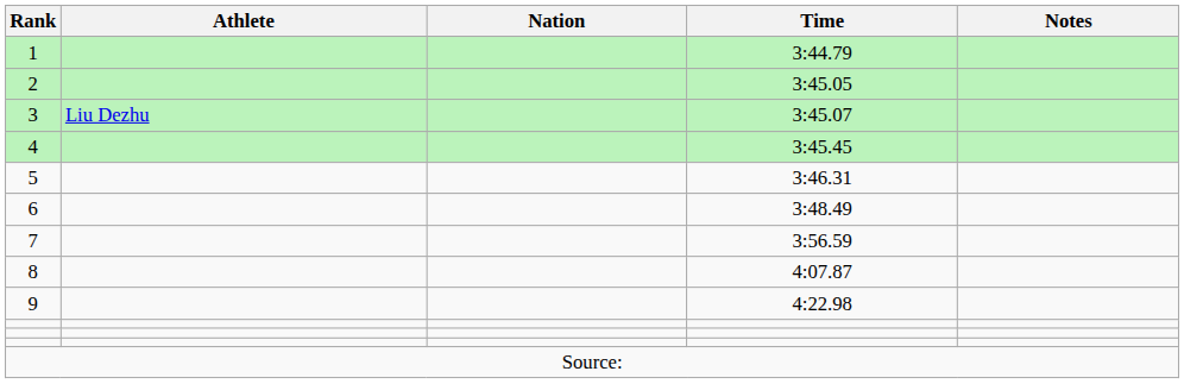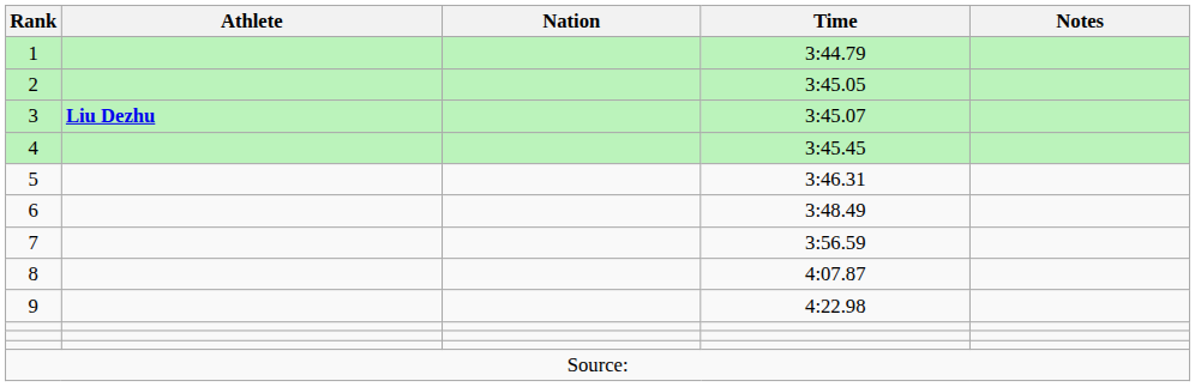 <table class="wikitable sortable" style="text-align:center;width: 60%;">
 <tr>
 <th scope="col" style="width: 10px;">Rank</th>
 <th scope="col">Athlete</th>
 <th scope="col">Nation</th>
 <th scope="col">Time</th>
 <th scope="col">Notes</th>
 </tr>
 <tr bgcolor=bbf3bb>
 <td>1</td>
 <td align=left></td>
 <td align=left></td>
 <td>3:44.79</td>
 <td></td>
 </tr>
 <tr bgcolor=bbf3bb>
 <td>2</td>
 <td align=left></td>
 <td align=left></td>
 <td>3:45.05</td>
 <td></td>
 </tr>
 <tr bgcolor=bbf3bb>
 <td>3</td>
-<td align=left><a href='#'>Liu Dezhu</a></td>
+<td align=left><strong><a href='#'>Liu Dezhu</a></strong></td>
 <td align=left></td>
 <td>3:45.07</td>
 <td></td>
 </tr>
 <tr bgcolor=bbf3bb>
 <td>4</td>
 <td align=left></td>
 <td align=left></td>
 <td>3:45.45</td>
 <td></td>
 </tr>
 <tr>
 <td>5</td>
 <td align=left></td>
 <td align=left></td>
 <td>3:46.31</td>
 <td></td>
 </tr>
 <tr>
 <td>6</td>
 <td align=left></td>
 <td align=left></td>
 <td>3:48.49</td>
 <td></td>
 </tr>
 <tr>
 <td>7</td>
 <td align=left></td>
 <td align=left></td>
 <td>3:56.59</td>
 <td></td>
 </tr>
 <tr>
 <td>8</td>
 <td align=left></td>
 <td align=left></td>
 <td>4:07.87</td>
 <td></td>
 </tr>
 <tr>
 <td>9</td>
 <td align=left></td>
 <td align=left></td>
 <td>4:22.98</td>
 <td></td>
 </tr>
 <tr>
 <td></td>
 <td align=left></td>
 <td align=left></td>
 <td></td>
 <td></td>
 </tr>
 <tr>
 <td></td>
 <td align=left></td>
 <td align=left></td>
 <td></td>
 <td></td>
 </tr>
 <tr>
 <td></td>
 <td align=left></td>
 <td align=left></td>
 <td></td>
 <td></td>
 </tr>
 <tr class="sortbottom">
 <td colspan="5">Source:</td>
 </tr>
 </table>
